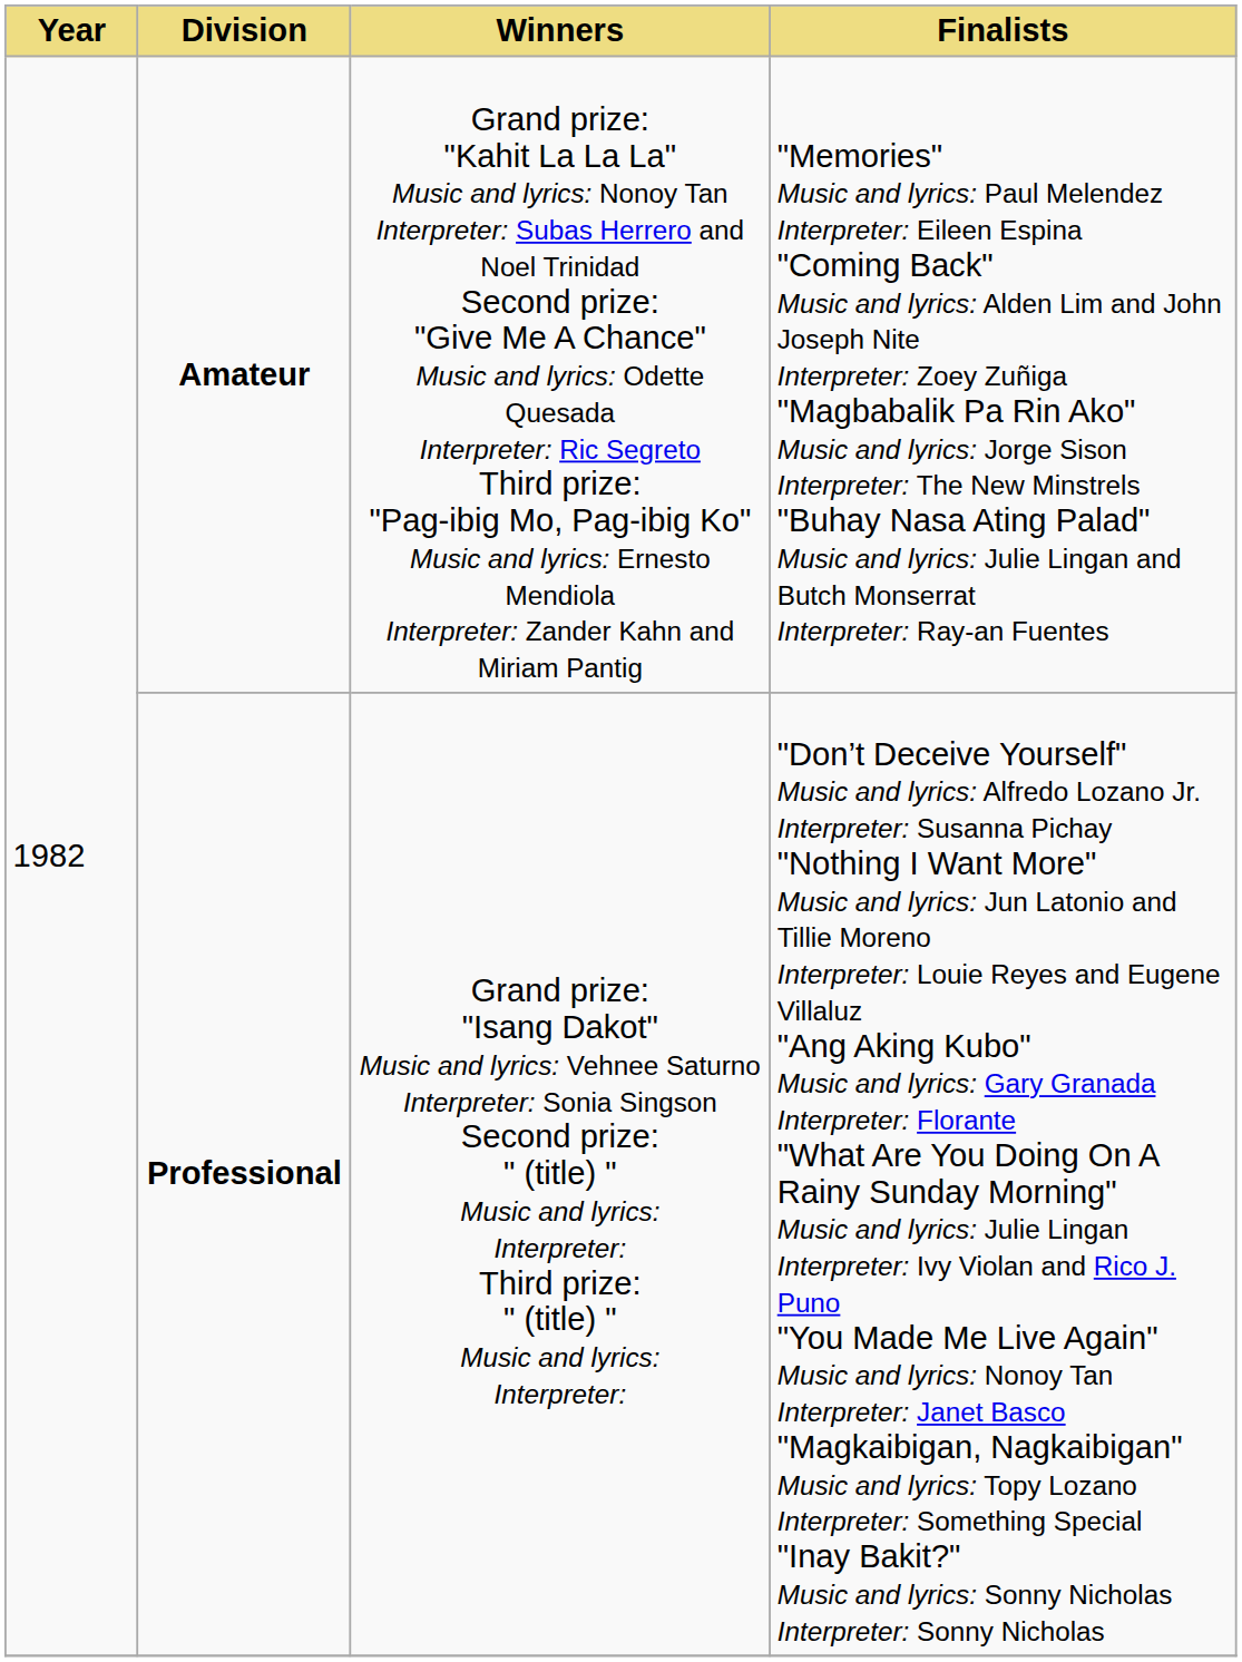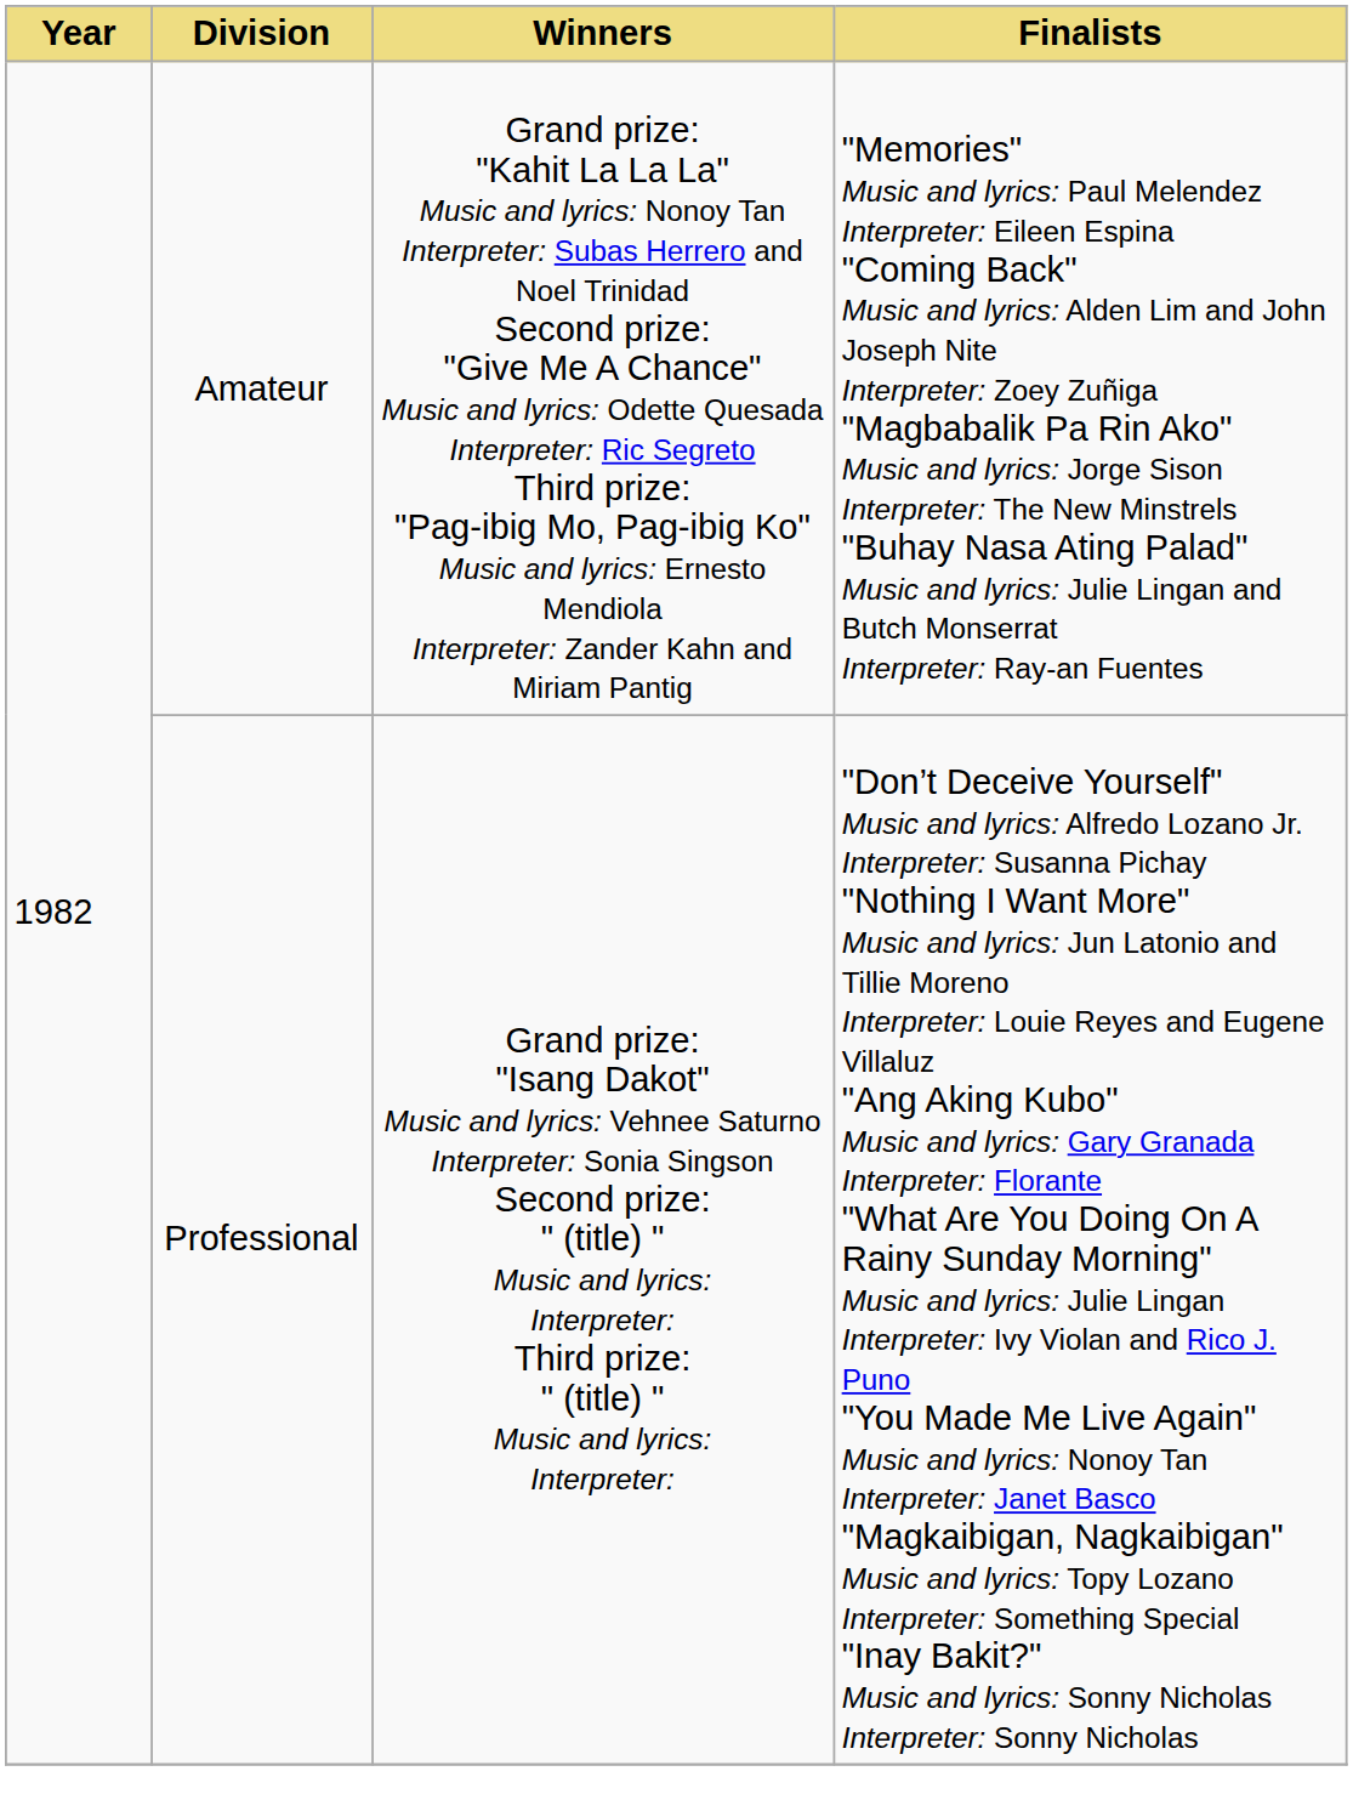 <table class="wikitable" border="1">
 <tr align=center bgcolor=lavender>
 <th style="background:#EEDD82;" width=100>Year</th>
 <th style="background:#EEDD82;" width=100>Division</th>
 <th style="background:#EEDD82;" width=450>Winners</th>
 <th style="background:#EEDD82;" width=450>Finalists</th>
 </tr>
 <tr>
 <td rowspan=2>1982</td>
-<td align="center" valign="center"><strong>Amateur</strong></td>
+<td align="center" valign="center">Amateur</td>
 <td align="center" valign="center"><br>Grand prize:<br>  "Kahit La La La"<br> <small><em>Music and lyrics:</em> Nonoy Tan<br> <em>Interpreter:</em> <a href='#'>Subas Herrero</a> and Noel Trinidad</small><br>Second prize:<br> "Give Me A Chance"<br> <small><em>Music and lyrics:</em> Odette Quesada<br> <em>Interpreter:</em> <a href='#'>Ric Segreto</a></small><br>Third prize:<br> "Pag-ibig Mo, Pag-ibig Ko"<br> <small><em>Music and lyrics:</em> Ernesto Mendiola<br> <em>Interpreter:</em> Zander Kahn and Miriam Pantig</small></td>
 <td><br>"Memories"<br> <small><em>Music and lyrics:</em> Paul Melendez<br> <em>Interpreter:</em> Eileen Espina</small><br>"Coming Back"<br> <small><em>Music and lyrics:</em> Alden Lim and John Joseph Nite<br> <em>Interpreter:</em> Zoey Zuñiga</small><br>"Magbabalik Pa Rin Ako"<br> <small><em>Music and lyrics:</em> Jorge Sison <br> <em>Interpreter:</em>  The New Minstrels</small><br>"Buhay Nasa Ating Palad"<br> <small><em>Music and lyrics:</em> Julie Lingan and Butch Monserrat<br> <em>Interpreter:</em> Ray-an Fuentes</small></td>
 </tr>
 <tr>
-<td align="center" valign="center"><strong>Professional</strong></td>
+<td align="center" valign="center">Professional</td>
 <td align="center" valign="center"><br>Grand prize:<br>  "Isang Dakot"<br> <small><em>Music and lyrics:</em> Vehnee Saturno<br> <em>Interpreter:</em> Sonia Singson</small><br>Second prize:<br> " (title) "<br> <small><em>Music and lyrics:</em> <br> <em>Interpreter:</em> </small><br>Third prize:<br> " (title) "<br> <small><em>Music and lyrics:</em> <br> <em>Interpreter:</em> </small></td>
 <td><br>"Don’t Deceive Yourself"<br> <small><em>Music and lyrics:</em> Alfredo Lozano Jr.<br> <em>Interpreter:</em> Susanna Pichay</small><br>"Nothing I Want More"<br> <small><em>Music and lyrics:</em> Jun Latonio and Tillie Moreno<br> <em>Interpreter:</em> Louie Reyes and Eugene Villaluz</small><br>"Ang Aking Kubo"<br> <small><em>Music and lyrics:</em> <a href='#'>Gary Granada</a><br> <em>Interpreter:</em> <a href='#'>Florante</a></small><br>"What Are You Doing On A Rainy Sunday Morning"<br> <small><em>Music and lyrics:</em> Julie Lingan<br> <em>Interpreter:</em> Ivy Violan and <a href='#'>Rico J. Puno</a></small><br>"You Made Me Live Again"<br> <small><em>Music and lyrics:</em> Nonoy Tan<br> <em>Interpreter:</em> <a href='#'>Janet Basco</a></small><br>"Magkaibigan, Nagkaibigan"<br> <small><em>Music and lyrics:</em> Topy Lozano<br> <em>Interpreter:</em> Something Special</small><br>"Inay Bakit?"<br> <small><em>Music and lyrics:</em> Sonny Nicholas<br> <em>Interpreter:</em> Sonny Nicholas</small></td>
 </tr>
 <tr>
 </tr>
 </table>
